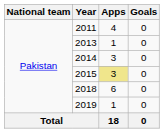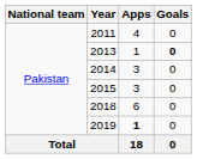 <table class=wikitable style="text-align: center">
 <tr>
 <th>National team</th>
 <th>Year</th>
 <th>Apps</th>
 <th>Goals</th>
 </tr>
 <tr>
 <td rowspan="6"><a href='#'>Pakistan</a></td>
 <td>2011</td>
 <td>4</td>
 <td>0</td>
 </tr>
 <tr>
 <td>2013</td>
 <td>1</td>
-<td>0</td>
+<td><strong>0</strong></td>
 </tr>
 <tr>
 <td>2014</td>
 <td>3</td>
 <td>0</td>
 </tr>
 <tr>
 <td>2015</td>
-<td style="background: khaki;">3</td>
+<td>3</td>
 <td>0</td>
 </tr>
 <tr>
 <td>2018</td>
 <td>6</td>
 <td>0</td>
 </tr>
 <tr>
 <td>2019</td>
-<td>1</td>
+<td><strong>1</strong></td>
 <td>0</td>
 </tr>
 <tr>
 <th colspan="2">Total</th>
 <th>18</th>
 <th>0</th>
 </tr>
 </table>
